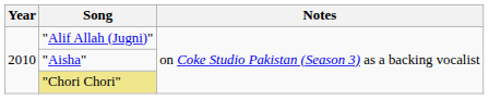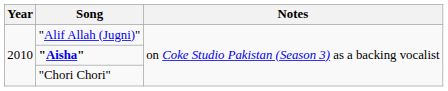 <table class="wikitable">
 <tr>
 <th>Year</th>
 <th>Song</th>
 <th>Notes</th>
 </tr>
 <tr>
 <td rowspan="3">2010</td>
 <td>"<a href='#'>Alif Allah (Jugni)</a>"</td>
 <td rowspan="3">on <em><a href='#'>Coke Studio Pakistan (Season 3)</a></em> as a backing vocalist</td>
 </tr>
 <tr>
-<td>"<a href='#'>Aisha</a>"</td>
+<td><strong>"<a href='#'>Aisha</a>"</strong></td>
 </tr>
 <tr>
-<td style="background: khaki;">"Chori Chori"</td>
+<td>"Chori Chori"</td>
 </tr>
 </table>
